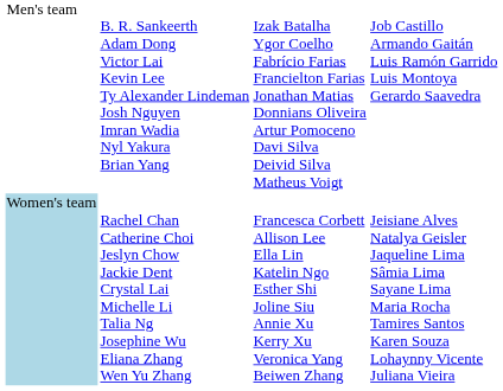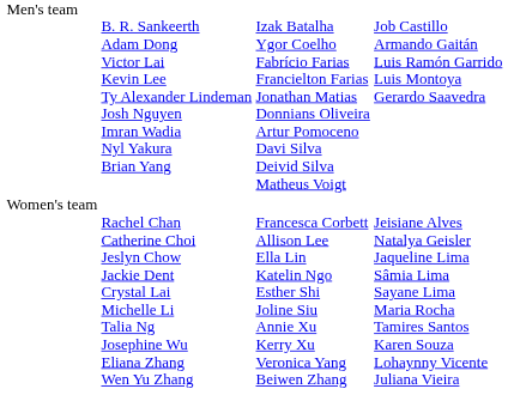 <table>
 <tr style="vertical-align:top">
 <td>Men's team</td>
 <td valign="left"><br><a href='#'>B. R. Sankeerth</a><br><a href='#'>Adam Dong</a><br><a href='#'>Victor Lai</a><br><a href='#'>Kevin Lee</a><br><a href='#'>Ty Alexander Lindeman</a><br><a href='#'>Josh Nguyen</a><br><a href='#'>Imran Wadia</a><br><a href='#'>Nyl Yakura</a><br><a href='#'>Brian Yang</a></td>
 <td valign="left"><br><a href='#'>Izak Batalha</a><br><a href='#'>Ygor Coelho</a><br><a href='#'>Fabrício Farias</a><br><a href='#'>Francielton Farias</a><br><a href='#'>Jonathan Matias</a><br><a href='#'>Donnians Oliveira</a><br><a href='#'>Artur Pomoceno</a><br><a href='#'>Davi Silva</a><br><a href='#'>Deivid Silva</a><br><a href='#'>Matheus Voigt</a></td>
 <td valign="left"><br><a href='#'>Job Castillo</a><br><a href='#'>Armando Gaitán</a><br><a href='#'>Luis Ramón Garrido</a><br><a href='#'>Luis Montoya</a><br><a href='#'>Gerardo Saavedra</a></td>
 </tr>
 <tr style="vertical-align:top">
-<td style="background: lightblue;">Women's team</td>
+<td>Women's team</td>
 <td valign="left"><br><a href='#'>Rachel Chan</a><br><a href='#'>Catherine Choi</a><br><a href='#'>Jeslyn Chow</a><br><a href='#'>Jackie Dent</a><br><a href='#'>Crystal Lai</a><br><a href='#'>Michelle Li</a><br><a href='#'>Talia Ng</a><br><a href='#'>Josephine Wu</a><br><a href='#'>Eliana Zhang</a><br><a href='#'>Wen Yu Zhang</a></td>
 <td valign="left"><br><a href='#'>Francesca Corbett</a><br><a href='#'>Allison Lee</a><br><a href='#'>Ella Lin</a><br><a href='#'>Katelin Ngo</a><br><a href='#'>Esther Shi</a><br><a href='#'>Joline Siu</a><br><a href='#'>Annie Xu</a><br><a href='#'>Kerry Xu</a><br><a href='#'>Veronica Yang</a><br><a href='#'>Beiwen Zhang</a></td>
 <td valign="left"><br><a href='#'>Jeisiane Alves</a><br><a href='#'>Natalya Geisler</a><br><a href='#'>Jaqueline Lima</a><br><a href='#'>Sâmia Lima</a><br><a href='#'>Sayane Lima</a><br><a href='#'>Maria Rocha</a><br><a href='#'>Tamires Santos</a><br><a href='#'>Karen Souza</a><br><a href='#'>Lohaynny Vicente</a><br><a href='#'>Juliana Vieira</a></td>
 </tr>
 </table>
